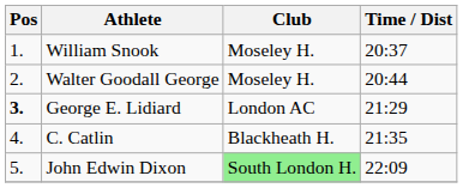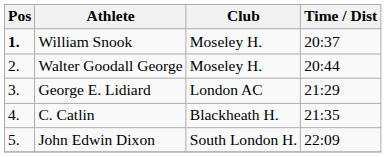 <table class="wikitable">
 <tr>
 <th>Pos</th>
 <th>Athlete</th>
 <th>Club</th>
 <th>Time / Dist</th>
 </tr>
 <tr>
-<td>1.</td>
+<td><strong>1.</strong></td>
 <td>William Snook</td>
 <td>Moseley H.</td>
 <td>20:37</td>
 </tr>
 <tr>
 <td>2.</td>
 <td>Walter Goodall George</td>
 <td>Moseley H.</td>
 <td>20:44</td>
 </tr>
 <tr>
-<td><strong>3.</strong></td>
+<td>3.</td>
 <td>George E. Lidiard</td>
 <td>London AC</td>
 <td>21:29</td>
 </tr>
 <tr>
 <td>4.</td>
 <td>C. Catlin</td>
 <td>Blackheath H.</td>
 <td>21:35</td>
 </tr>
 <tr>
 <td>5.</td>
 <td>John Edwin Dixon</td>
-<td style="background: lightgreen;">South London H.</td>
+<td>South London H.</td>
 <td>22:09</td>
 </tr>
 <tr>
 </tr>
 </table>
